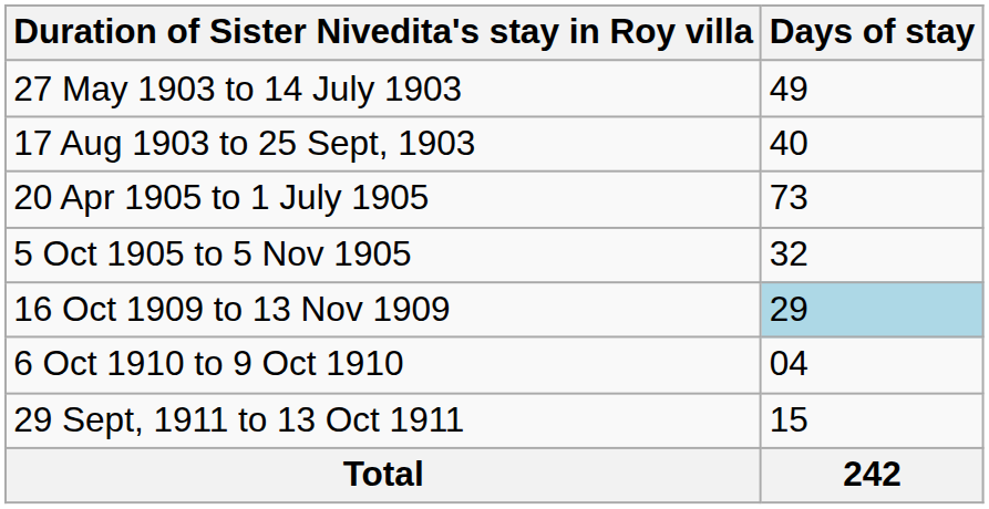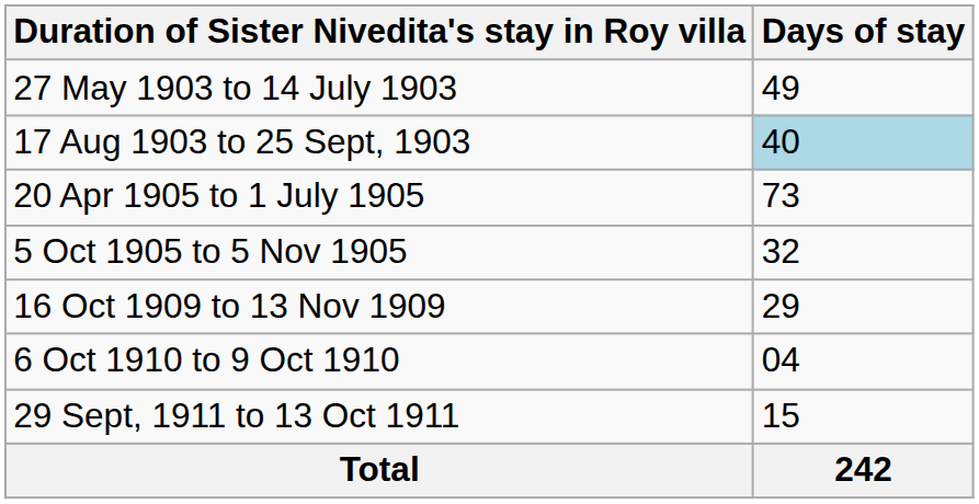 <table class="wikitable">
 <tr>
 <th>Duration of Sister Nivedita's stay in Roy villa</th>
 <th>Days of stay</th>
 </tr>
 <tr>
 <td>27 May 1903 to 14 July 1903</td>
 <td>49</td>
 </tr>
 <tr>
 <td>17 Aug 1903 to 25 Sept, 1903</td>
-<td>40</td>
+<td style="background: lightblue;">40</td>
 </tr>
 <tr>
 <td>20 Apr 1905 to 1 July 1905</td>
 <td>73</td>
 </tr>
 <tr>
 <td>5 Oct 1905 to 5 Nov 1905</td>
 <td>32</td>
 </tr>
 <tr>
 <td>16 Oct 1909 to 13 Nov 1909</td>
-<td style="background: lightblue;">29</td>
+<td>29</td>
 </tr>
 <tr>
 <td>6 Oct 1910 to 9 Oct 1910</td>
 <td>04</td>
 </tr>
 <tr>
 <td>29 Sept, 1911 to 13 Oct 1911</td>
 <td>15</td>
 </tr>
 <tr>
 <th>Total</th>
 <th>242</th>
 </tr>
 </table>
